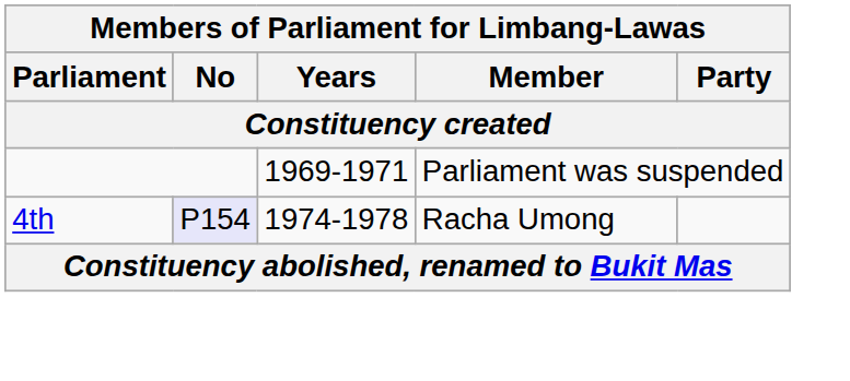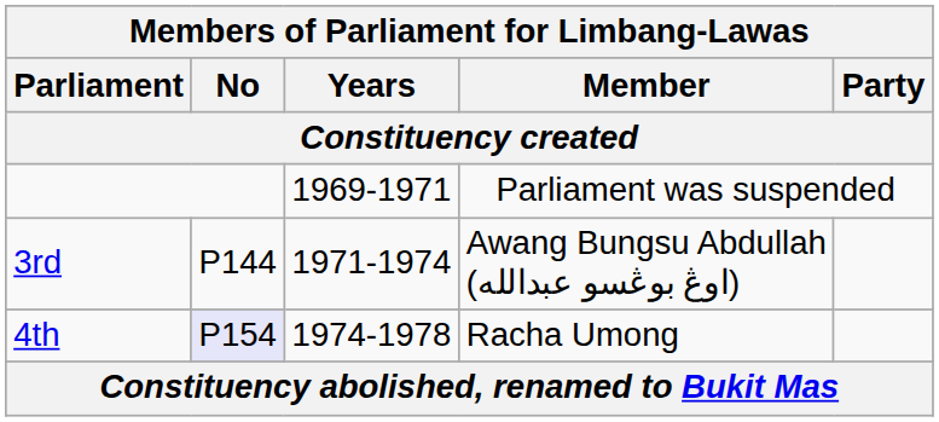 <table class=wikitable>
 <tr>
 <th colspan="5">Members of Parliament for Limbang-Lawas</th>
 </tr>
 <tr>
 <th>Parliament</th>
 <th>No</th>
 <th>Years</th>
 <th>Member</th>
 <th>Party</th>
 </tr>
 <tr>
 <th colspan="5" align="center"><em>Constituency created</em></th>
 </tr>
 <tr>
 <td colspan="2"></td>
 <td>1969-1971</td>
 <td colspan=2 align=center>Parliament was suspended</td>
 </tr>
 <tr>
+<td><a href='#'>3rd</a></td>
+<td>P144</td>
+<td>1971-1974</td>
+<td>Awang Bungsu Abdullah  <br>(اوڠ بوڠسو عبدالله)</td>
+<td></td>
+</tr>
+<tr>
 <td><a href='#'>4th</a></td>
 <td style="background: lavender;">P154</td>
 <td>1974-1978</td>
 <td>Racha Umong</td>
 <td></td>
 </tr>
 <tr>
 <th colspan="5" align="center"><em>Constituency abolished, renamed to <a href='#'>Bukit Mas</a></em></th>
 </tr>
 </table>
